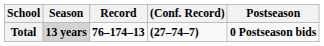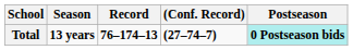 <table class="wikitable">
 <tr>
 <th>School</th>
 <th>Season</th>
 <th>Record</th>
 <th>(Conf. Record)</th>
 <th>Postseason</th>
 </tr>
 <tr>
 <th><strong>Total</strong></th>
-<td style="background: lightgrey;"><strong>13 years</strong></td>
+<td><strong>13 years</strong></td>
 <td><strong>76–174–13</strong></td>
 <td><strong>(27–74–7)</strong></td>
-<td><strong>0 Postseason bids</strong></td>
+<td style="background: paleturquoise;"><strong>0 Postseason bids</strong></td>
 </tr>
 </table>
